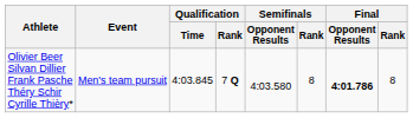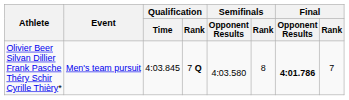 <table class="wikitable" style="font-size:90%">
 <tr>
 <th rowspan=2>Athlete</th>
 <th rowspan=2>Event</th>
 <th colspan=2>Qualification</th>
 <th colspan=2>Semifinals</th>
 <th colspan=2>Final</th>
 </tr>
 <tr style="font-size:95%">
 <th>Time</th>
 <th>Rank</th>
 <th>Opponent<br>Results</th>
 <th>Rank</th>
 <th>Opponent<br>Results</th>
 <th>Rank</th>
 </tr>
 <tr align=center>
 <td align=left><a href='#'>Olivier Beer</a><br><a href='#'>Silvan Dillier</a><br><a href='#'>Frank Pasche</a><br><a href='#'>Théry Schir</a><br><a href='#'>Cyrille Thièry</a>*</td>
 <td align=left><a href='#'>Men's team pursuit</a></td>
 <td>4:03.845</td>
 <td>7 <strong>Q</strong></td>
 <td><br>4:03.580</td>
 <td>8</td>
 <td><strong><br>4:01.786</strong></td>
-<td>8</td>
+<td>7</td>
 </tr>
 </table>
